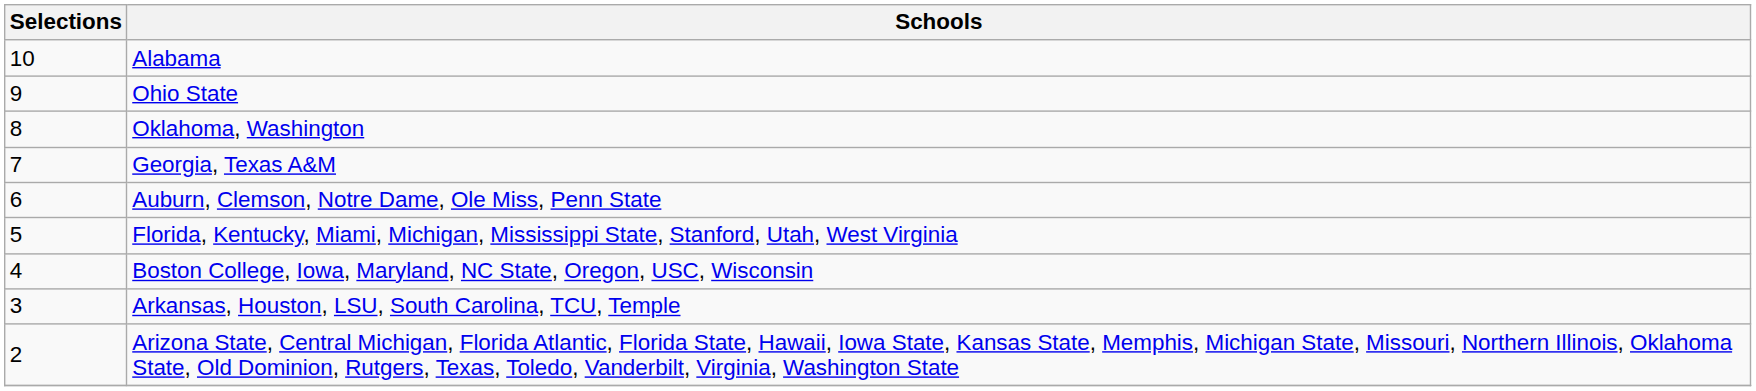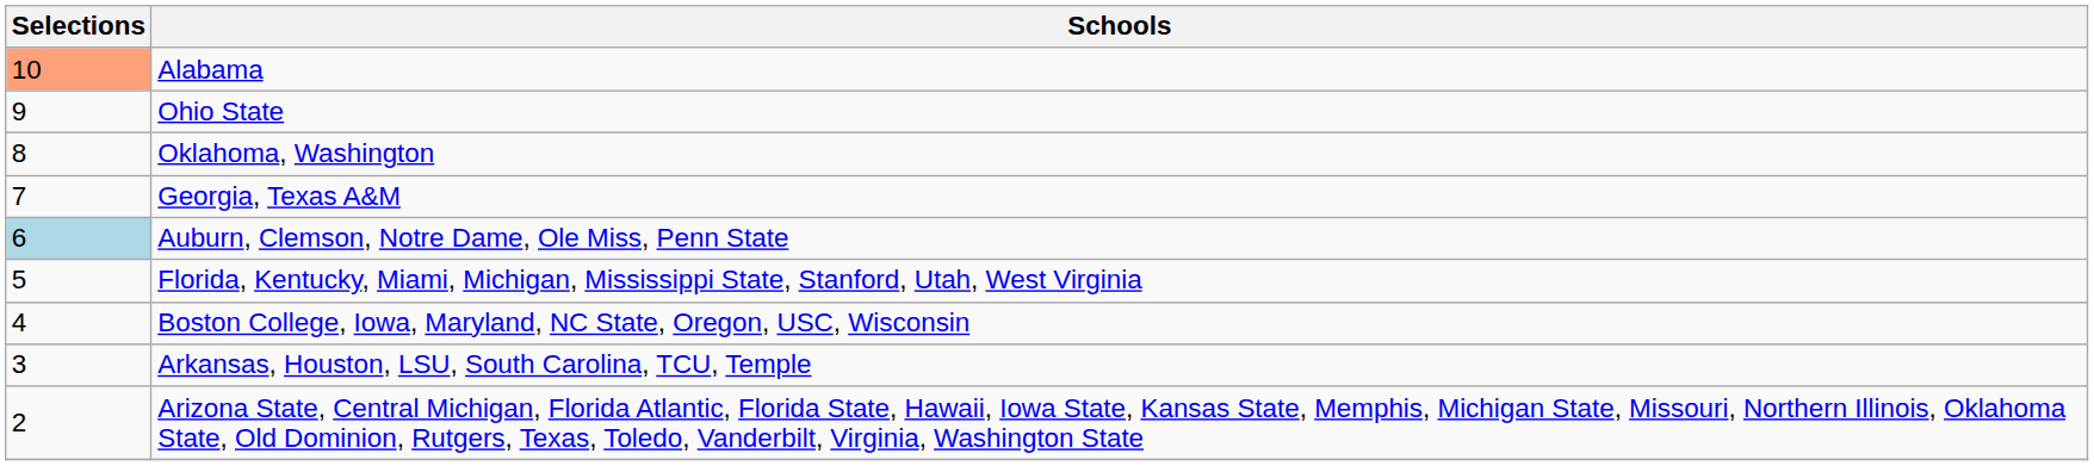 <table class="wikitable sortable">
 <tr>
 <th>Selections</th>
 <th class="unsortable">Schools</th>
 </tr>
 <tr>
-<td>10</td>
+<td style="background: lightsalmon;">10</td>
 <td><a href='#'>Alabama</a></td>
 </tr>
 <tr>
 <td>9</td>
 <td><a href='#'>Ohio State</a></td>
 </tr>
 <tr>
 <td>8</td>
 <td><a href='#'>Oklahoma</a>, <a href='#'>Washington</a></td>
 </tr>
 <tr>
 <td>7</td>
 <td><a href='#'>Georgia</a>, <a href='#'>Texas A&M</a></td>
 </tr>
 <tr>
-<td>6</td>
+<td style="background: lightblue;">6</td>
 <td><a href='#'>Auburn</a>, <a href='#'>Clemson</a>, <a href='#'>Notre Dame</a>, <a href='#'>Ole Miss</a>, <a href='#'>Penn State</a></td>
 </tr>
 <tr>
 <td>5</td>
 <td><a href='#'>Florida</a>, <a href='#'>Kentucky</a>, <a href='#'>Miami</a>, <a href='#'>Michigan</a>, <a href='#'>Mississippi State</a>, <a href='#'>Stanford</a>, <a href='#'>Utah</a>, <a href='#'>West Virginia</a></td>
 </tr>
 <tr>
 <td>4</td>
 <td><a href='#'>Boston College</a>, <a href='#'>Iowa</a>, <a href='#'>Maryland</a>, <a href='#'>NC State</a>, <a href='#'>Oregon</a>, <a href='#'>USC</a>, <a href='#'>Wisconsin</a></td>
 </tr>
 <tr>
 <td>3</td>
 <td><a href='#'>Arkansas</a>, <a href='#'>Houston</a>, <a href='#'>LSU</a>, <a href='#'>South Carolina</a>, <a href='#'>TCU</a>, <a href='#'>Temple</a></td>
 </tr>
 <tr>
 <td>2</td>
 <td><a href='#'>Arizona State</a>, <a href='#'>Central Michigan</a>, <a href='#'>Florida Atlantic</a>, <a href='#'>Florida State</a>, <a href='#'>Hawaii</a>, <a href='#'>Iowa State</a>, <a href='#'>Kansas State</a>, <a href='#'>Memphis</a>, <a href='#'>Michigan State</a>, <a href='#'>Missouri</a>, <a href='#'>Northern Illinois</a>, <a href='#'>Oklahoma State</a>, <a href='#'>Old Dominion</a>, <a href='#'>Rutgers</a>, <a href='#'>Texas</a>, <a href='#'>Toledo</a>, <a href='#'>Vanderbilt</a>, <a href='#'>Virginia</a>, <a href='#'>Washington State</a></td>
 </tr>
 <tr>
 </tr>
 </table>
